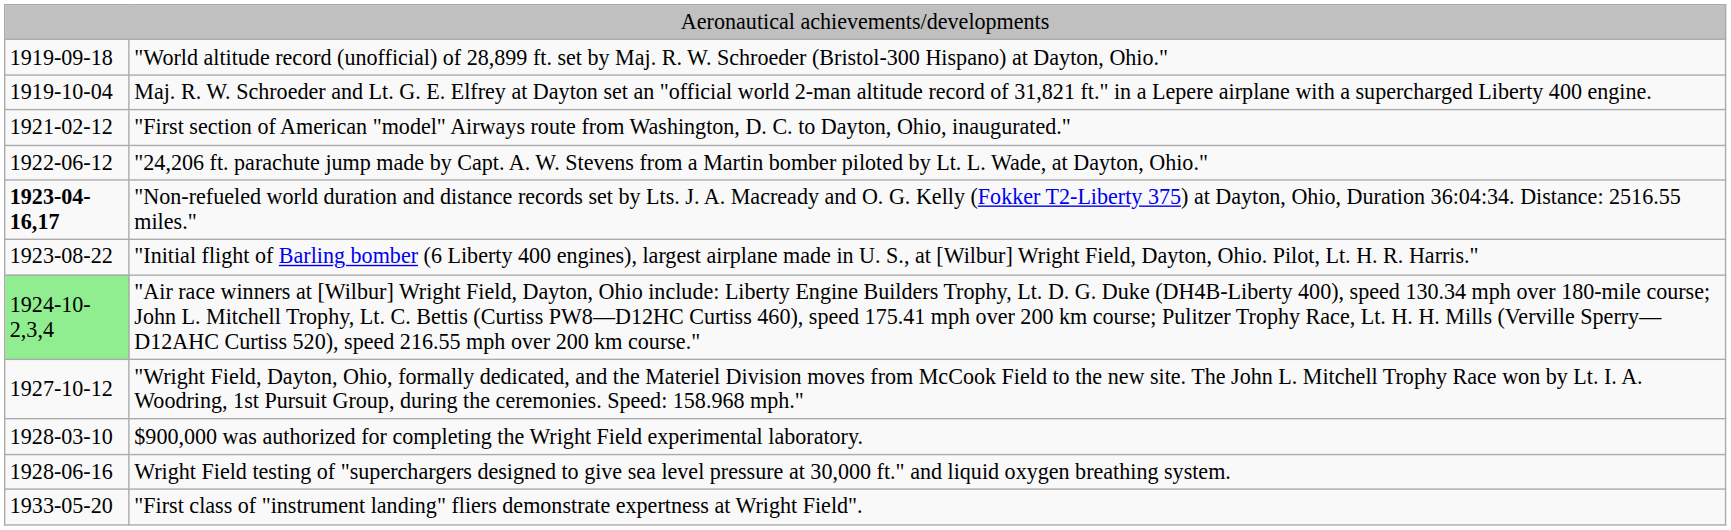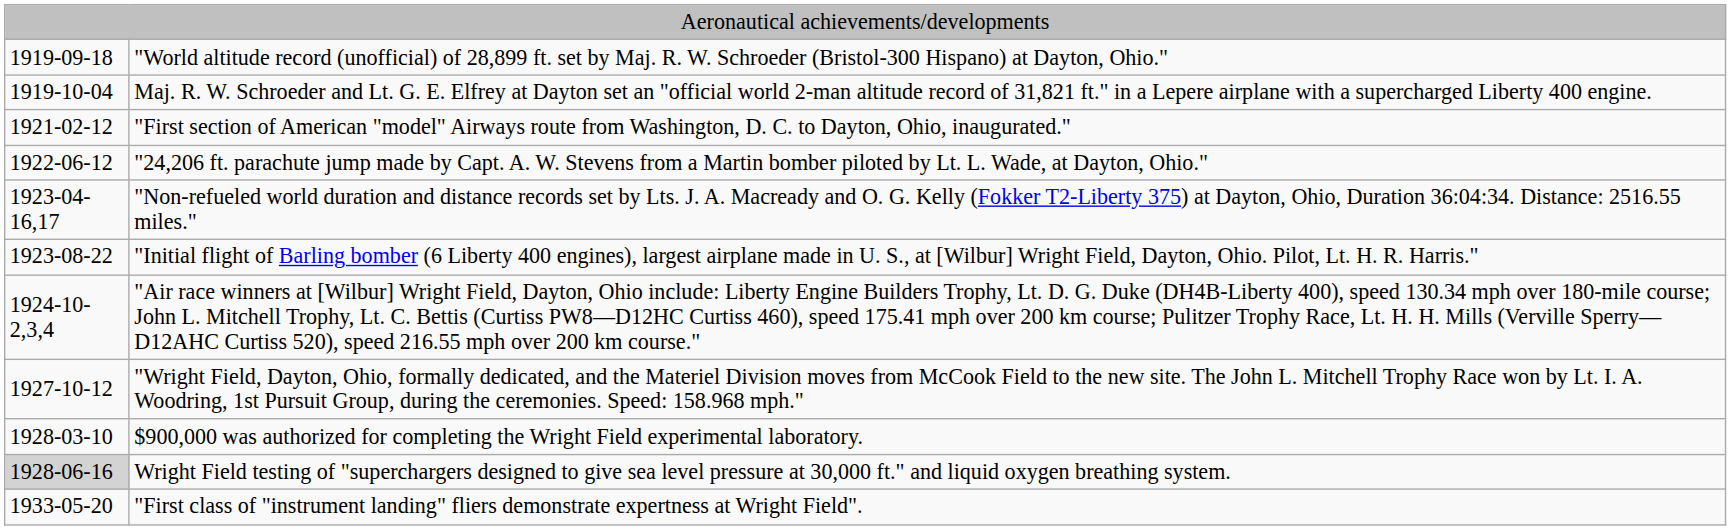 <table class="wikitable">
 <tr>
 <td colspan=6 bgcolor="silver" align=center>Aeronautical achievements/developments</td>
 </tr>
 <tr>
 <td style="white-space: nowrap;">1919-09-18</td>
 <td>"World altitude record (unofficial) of 28,899 ft. set by Maj. R. W. Schroeder (Bristol-300 Hispano) at Dayton, Ohio."</td>
 </tr>
 <tr>
 <td>1919-10-04</td>
 <td>Maj. R. W. Schroeder and Lt. G. E. Elfrey at Dayton set an "official world 2-man altitude record of 31,821 ft." in a Lepere airplane with a supercharged Liberty 400 engine.</td>
 </tr>
 <tr>
 <td>1921-02-12</td>
 <td>"First section of American "model" Airways route from Washington, D. C. to Dayton, Ohio, inaugurated."</td>
 </tr>
 <tr>
 <td>1922-06-12</td>
 <td>"24,206 ft. parachute jump made by Capt. A. W. Stevens from a Martin bomber piloted by Lt. L. Wade, at Dayton, Ohio."</td>
 </tr>
 <tr>
-<td><strong>1923-04-16,17</strong></td>
+<td>1923-04-16,17</td>
 <td>"Non-refueled world duration and distance records set by Lts. J. A. Macready and O. G. Kelly (<a href='#'>Fokker T2-Liberty 375</a>) at Dayton, Ohio, Duration 36:04:34. Distance: 2516.55 miles."</td>
 </tr>
 <tr>
 <td>1923-08-22</td>
 <td>"Initial flight of <a href='#'>Barling bomber</a> (6 Liberty 400 engines), largest airplane made in U. S., at [Wilbur] Wright Field, Dayton, Ohio. Pilot, Lt. H. R. Harris."</td>
 </tr>
 <tr>
-<td style="background: lightgreen;">1924-10-2,3,4</td>
+<td>1924-10-2,3,4</td>
 <td>"Air race winners at [Wilbur] Wright Field, Dayton, Ohio include: Liberty Engine Builders Trophy, Lt. D. G. Duke (DH4B-Liberty 400), speed 130.34 mph over 180-mile course; John L. Mitchell Trophy, Lt. C. Bettis (Curtiss PW8—D12HC Curtiss 460), speed 175.41 mph over 200 km course; Pulitzer Trophy Race, Lt. H. H. Mills (Verville Sperry—D12AHC Curtiss 520), speed 216.55 mph over 200 km course."</td>
 </tr>
 <tr>
 <td>1927-10-12</td>
 <td>"Wright Field, Dayton, Ohio, formally dedicated, and the Materiel Division moves from McCook Field to the new site. The John L. Mitchell Trophy Race won by Lt. I. A. Woodring, 1st Pursuit Group, during the ceremonies. Speed: 158.968 mph."</td>
 </tr>
 <tr>
 <td>1928-03-10</td>
 <td>$900,000 was authorized for completing the Wright Field experimental laboratory.</td>
 </tr>
 <tr>
-<td>1928-06-16</td>
+<td style="background: lightgrey;">1928-06-16</td>
 <td>Wright Field testing of "superchargers designed to give sea level pressure at 30,000 ft." and liquid oxygen breathing system.</td>
 </tr>
 <tr>
 <td>1933-05-20</td>
 <td>"First class of "instrument landing" fliers demonstrate expertness at Wright Field".</td>
 </tr>
 </table>
